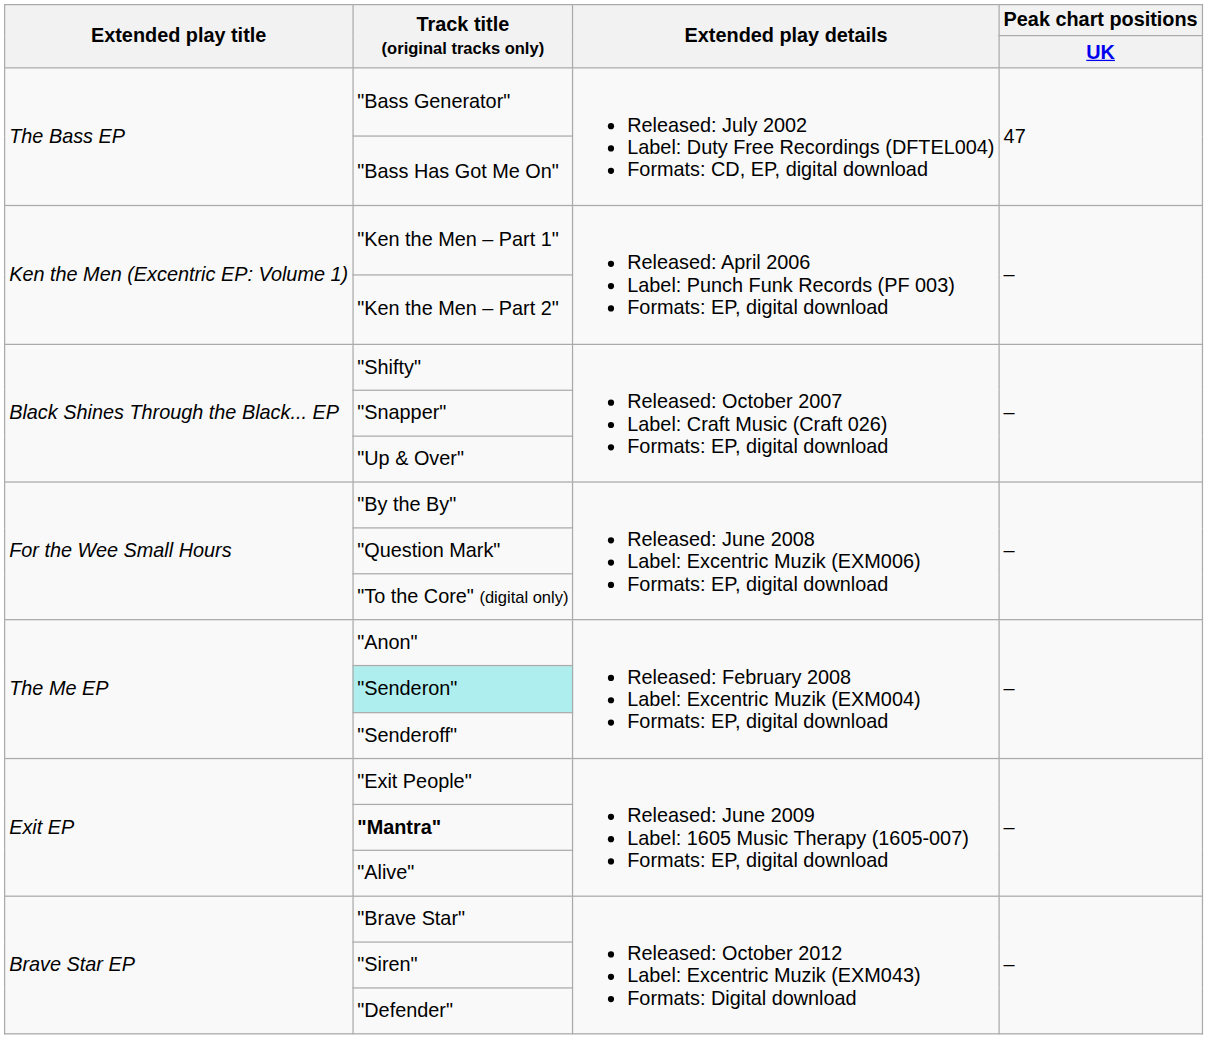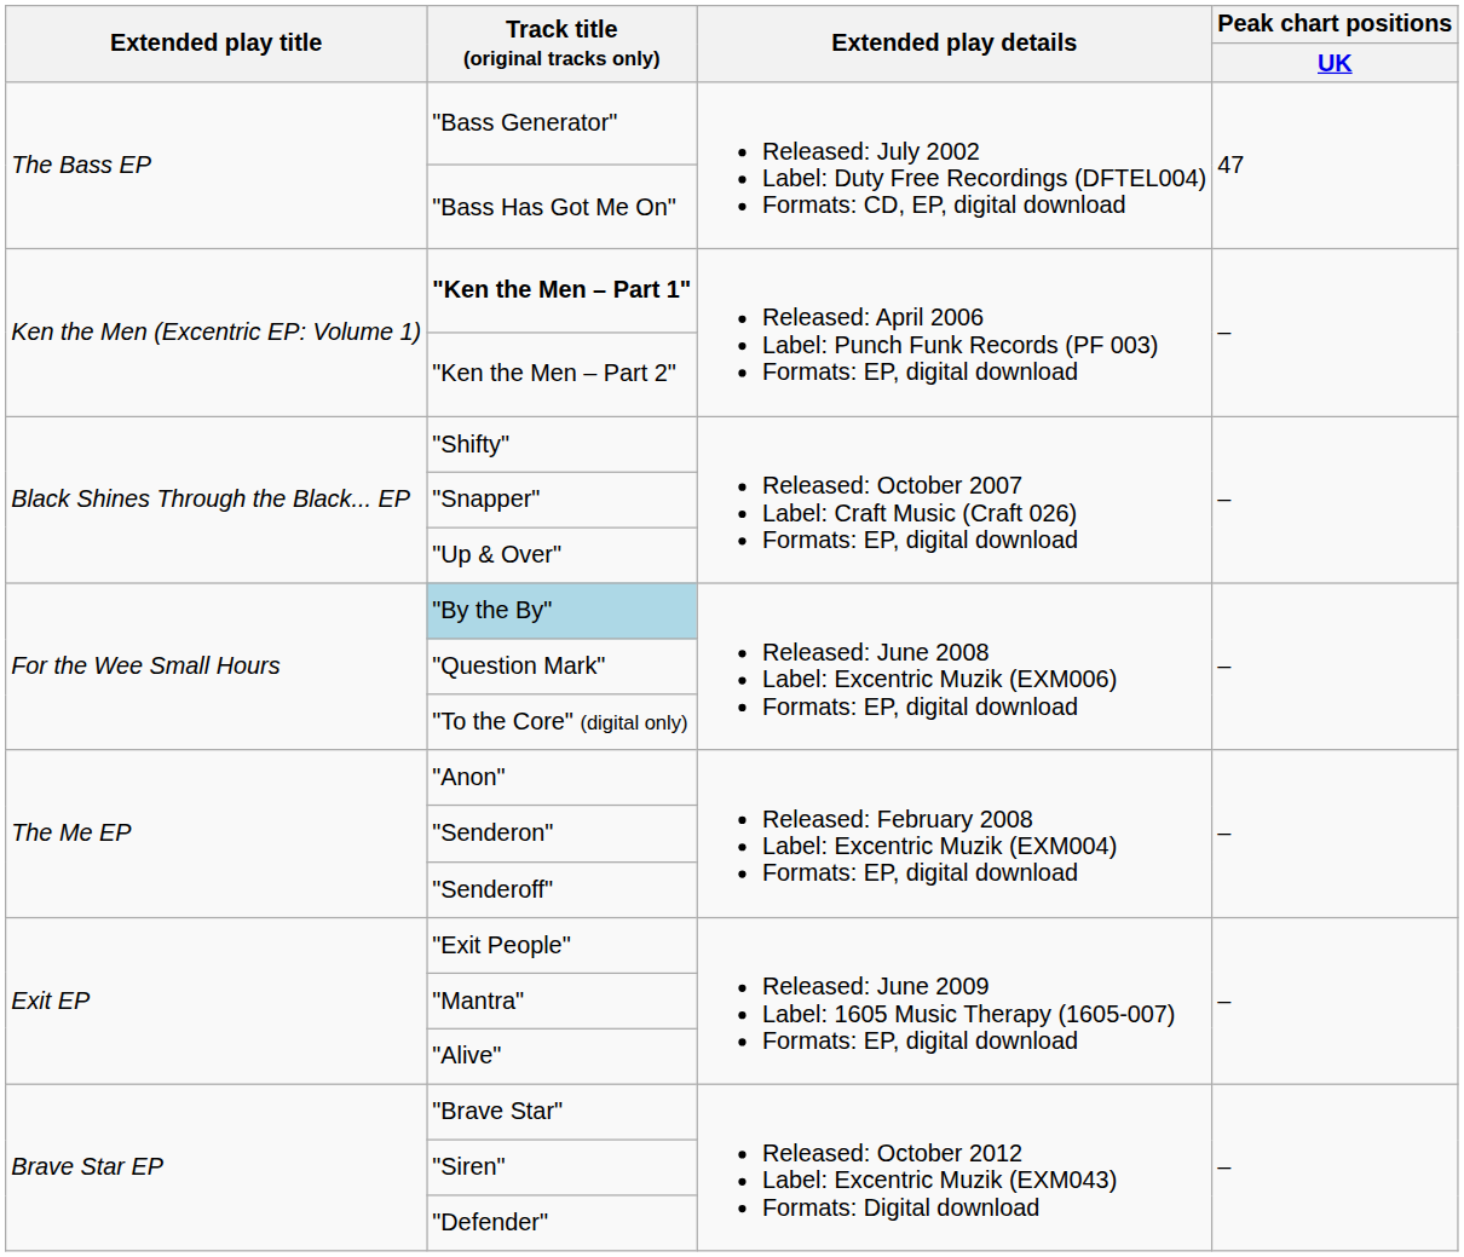 <table class="wikitable">
 <tr>
 <th rowspan="2">Extended play title</th>
 <th rowspan="2">Track title<br><small>(original tracks only)</small></th>
 <th rowspan="2">Extended play details</th>
 <th>Peak chart positions</th>
 </tr>
 <tr>
 <th><a href='#'>UK</a></th>
 </tr>
 <tr>
 <td rowspan="2"><em>The Bass EP</em></td>
 <td>"Bass Generator"</td>
 <td rowspan="2"><br><ul><li>Released: July 2002</li><li>Label: Duty Free Recordings (DFTEL004)</li><li>Formats: CD, EP, digital download</li></ul></td>
 <td rowspan="2">47</td>
 </tr>
 <tr>
 <td>"Bass Has Got Me On"</td>
 </tr>
 <tr>
 <td rowspan="2"><em>Ken the Men (Excentric EP: Volume 1)</em></td>
-<td>"Ken the Men – Part 1"</td>
+<td><strong>"Ken the Men – Part 1"</strong></td>
 <td rowspan="2"><br><ul><li>Released: April 2006</li><li>Label: Punch Funk Records (PF 003)</li><li>Formats: EP, digital download</li></ul></td>
 <td rowspan="2">–</td>
 </tr>
 <tr>
 <td>"Ken the Men – Part 2"</td>
 </tr>
 <tr>
 <td rowspan="3"><em>Black Shines Through the Black... EP</em></td>
 <td>"Shifty"</td>
 <td rowspan="3"><br><ul><li>Released: October 2007</li><li>Label: Craft Music (Craft 026)</li><li>Formats: EP, digital download</li></ul></td>
 <td rowspan="3">–</td>
 </tr>
 <tr>
 <td>"Snapper"</td>
 </tr>
 <tr>
 <td>"Up & Over"</td>
 </tr>
 <tr>
 <td rowspan="3"><em>For the Wee Small Hours</em></td>
-<td>"By the By"</td>
+<td style="background: lightblue;">"By the By"</td>
 <td rowspan="3"><br><ul><li>Released: June 2008</li><li>Label: Excentric Muzik (EXM006)</li><li>Formats: EP, digital download</li></ul></td>
 <td rowspan="3">–</td>
 </tr>
 <tr>
 <td>"Question Mark"</td>
 </tr>
 <tr>
 <td>"To the Core" <small>(digital only)</small></td>
 </tr>
 <tr>
 <td rowspan="3"><em>The Me EP</em></td>
 <td>"Anon"</td>
 <td rowspan="3"><br><ul><li>Released: February 2008</li><li>Label: Excentric Muzik (EXM004)</li><li>Formats: EP, digital download</li></ul></td>
 <td rowspan="3">–</td>
 </tr>
 <tr>
-<td style="background: paleturquoise;">"Senderon"</td>
+<td>"Senderon"</td>
 </tr>
 <tr>
 <td>"Senderoff"</td>
 </tr>
 <tr>
 <td rowspan="3"><em>Exit EP</em></td>
 <td>"Exit People"</td>
 <td rowspan="3"><br><ul><li>Released: June 2009</li><li>Label: 1605 Music Therapy (1605-007)</li><li>Formats: EP, digital download</li></ul></td>
 <td rowspan="3">–</td>
 </tr>
 <tr>
-<td><strong>"Mantra"</strong></td>
+<td>"Mantra"</td>
 </tr>
 <tr>
 <td>"Alive"</td>
 </tr>
 <tr>
 <td rowspan="3"><em>Brave Star EP</em></td>
 <td>"Brave Star"</td>
 <td rowspan="3"><br><ul><li>Released: October 2012</li><li>Label: Excentric Muzik (EXM043)</li><li>Formats: Digital download</li></ul></td>
 <td rowspan="3">–</td>
 </tr>
 <tr>
 <td>"Siren"</td>
 </tr>
 <tr>
 <td>"Defender"</td>
 </tr>
 </table>
